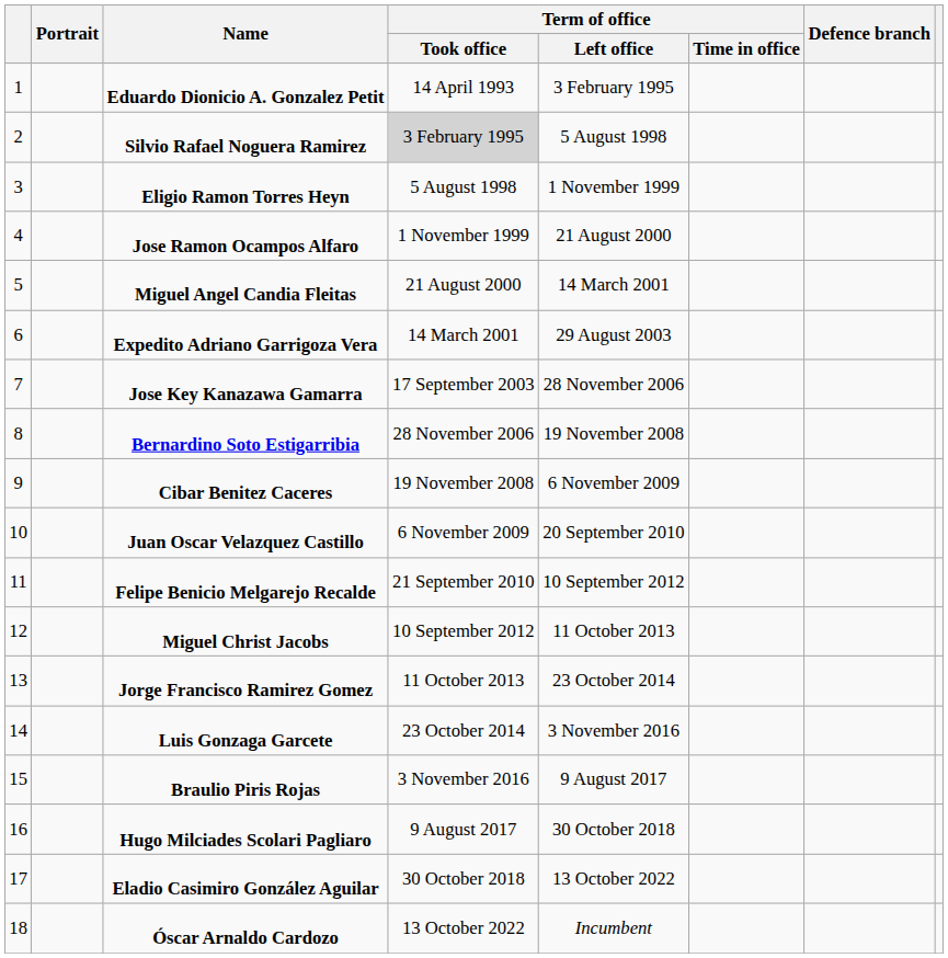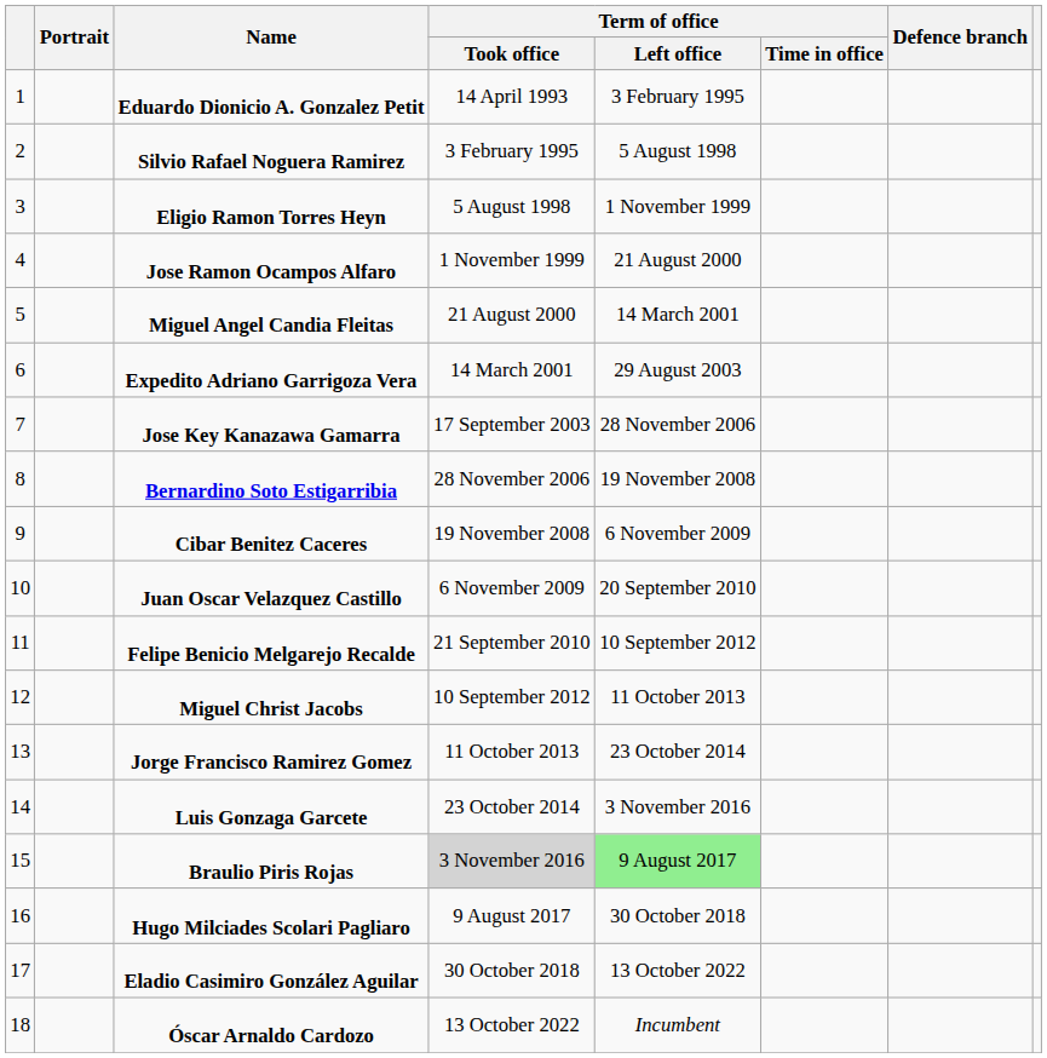 <table class="wikitable" style="text-align:center">
 <tr>
 <th rowspan=2></th>
 <th rowspan=2>Portrait</th>
 <th rowspan=2>Name<br></th>
 <th colspan=3>Term of office</th>
 <th rowspan=2>Defence branch</th>
 <th rowspan=2></th>
 </tr>
 <tr>
 <th>Took office</th>
 <th>Left office</th>
 <th>Time in office</th>
 </tr>
 <tr>
 <td>1</td>
 <td></td>
 <td><br><strong>Eduardo Dionicio A. Gonzalez Petit</strong></td>
 <td>14 April 1993</td>
 <td>3 February 1995</td>
 <td></td>
 <td></td>
 <td></td>
 </tr>
 <tr>
 <td>2</td>
 <td></td>
 <td><br><strong>Silvio Rafael Noguera Ramirez</strong></td>
-<td style="background: lightgrey;">3 February 1995</td>
+<td>3 February 1995</td>
 <td>5 August 1998</td>
 <td></td>
 <td></td>
 <td></td>
 </tr>
 <tr>
 <td>3</td>
 <td></td>
 <td><br><strong>Eligio Ramon Torres Heyn</strong></td>
 <td>5 August 1998</td>
 <td>1 November 1999</td>
 <td></td>
 <td></td>
 <td></td>
 </tr>
 <tr>
 <td>4</td>
 <td></td>
 <td><br><strong>Jose Ramon Ocampos Alfaro</strong><br></td>
 <td>1 November 1999</td>
 <td>21 August 2000</td>
 <td></td>
 <td></td>
 <td></td>
 </tr>
 <tr>
 <td>5</td>
 <td></td>
 <td><br><strong>Miguel Angel Candia Fleitas</strong></td>
 <td>21 August 2000</td>
 <td>14 March 2001</td>
 <td></td>
 <td></td>
 <td></td>
 </tr>
 <tr>
 <td>6</td>
 <td></td>
 <td><br><strong>Expedito Adriano Garrigoza Vera</strong></td>
 <td>14 March 2001</td>
 <td>29 August 2003</td>
 <td></td>
 <td></td>
 <td></td>
 </tr>
 <tr>
 <td>7</td>
 <td></td>
 <td><br><strong>Jose Key Kanazawa Gamarra</strong></td>
 <td>17 September 2003</td>
 <td>28 November 2006</td>
 <td></td>
 <td></td>
 <td></td>
 </tr>
 <tr>
 <td>8</td>
 <td></td>
 <td><br><strong><a href='#'>Bernardino Soto Estigarribia</a></strong><br></td>
 <td>28 November 2006</td>
 <td>19 November 2008</td>
 <td></td>
 <td></td>
 <td></td>
 </tr>
 <tr>
 <td>9</td>
 <td></td>
 <td><br><strong>Cibar Benitez Caceres</strong></td>
 <td>19 November 2008</td>
 <td>6 November 2009</td>
 <td></td>
 <td></td>
 <td><br></td>
 </tr>
 <tr>
 <td>10</td>
 <td></td>
 <td><br><strong>Juan Oscar Velazquez Castillo</strong></td>
 <td>6 November 2009</td>
 <td>20 September 2010</td>
 <td></td>
 <td></td>
 <td><br></td>
 </tr>
 <tr>
 <td>11</td>
 <td></td>
 <td><br><strong>Felipe Benicio Melgarejo Recalde</strong></td>
 <td>21 September 2010</td>
 <td>10 September 2012</td>
 <td></td>
 <td></td>
 <td><br></td>
 </tr>
 <tr>
 <td>12</td>
 <td></td>
 <td><br><strong>Miguel Christ Jacobs</strong></td>
 <td>10 September 2012</td>
 <td>11 October 2013</td>
 <td></td>
 <td></td>
 <td></td>
 </tr>
 <tr>
 <td>13</td>
 <td></td>
 <td><br><strong>Jorge Francisco Ramirez Gomez</strong></td>
 <td>11 October 2013</td>
 <td>23 October 2014</td>
 <td></td>
 <td></td>
 <td></td>
 </tr>
 <tr>
 <td>14</td>
 <td></td>
 <td><br><strong>Luis Gonzaga Garcete</strong></td>
 <td>23 October 2014</td>
 <td>3 November 2016</td>
 <td></td>
 <td></td>
 <td></td>
 </tr>
 <tr>
 <td>15</td>
 <td></td>
 <td><br><strong>Braulio Piris Rojas</strong></td>
-<td>3 November 2016</td>
-<td>9 August 2017</td>
+<td style="background: lightgrey;">3 November 2016</td>
+<td style="background: lightgreen;">9 August 2017</td>
 <td></td>
 <td></td>
 <td></td>
 </tr>
 <tr>
 <td>16</td>
 <td></td>
 <td><br><strong>Hugo Milciades Scolari Pagliaro</strong></td>
 <td>9 August 2017</td>
 <td>30 October 2018</td>
 <td></td>
 <td></td>
 <td></td>
 </tr>
 <tr>
 <td>17</td>
 <td></td>
 <td><br><strong>Eladio Casimiro González Aguilar</strong></td>
 <td>30 October 2018</td>
 <td>13 October 2022</td>
 <td></td>
 <td></td>
 <td></td>
 </tr>
 <tr>
 <td>18</td>
 <td></td>
 <td><br><strong>Óscar Arnaldo Cardozo</strong></td>
 <td>13 October 2022</td>
 <td><em>Incumbent</em></td>
 <td></td>
 <td></td>
 <td></td>
 </tr>
 </table>
